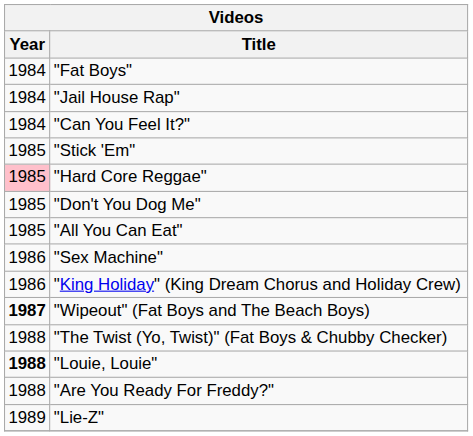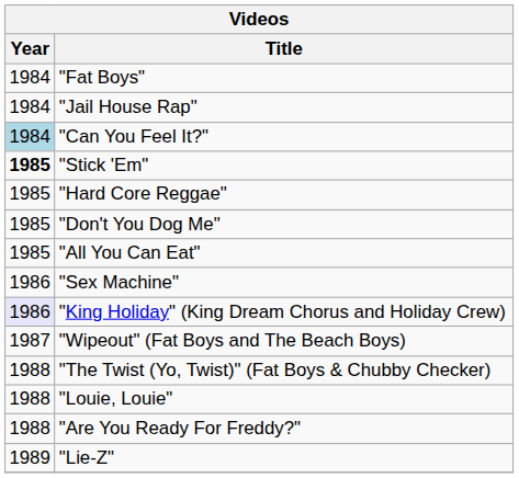 <table class="wikitable mw-datatable sortable collapsible collapsed" style="font-size:100%; width:50%;">
 <tr>
 <th colspan="4">Videos</th>
 </tr>
 <tr>
 <th>Year</th>
 <th>Title</th>
 </tr>
 <tr>
 <td>1984</td>
 <td>"Fat Boys"</td>
 </tr>
 <tr>
 <td>1984</td>
 <td>"Jail House Rap"</td>
 </tr>
 <tr>
-<td>1984</td>
+<td style="background: lightblue;">1984</td>
 <td>"Can You Feel It?"</td>
 </tr>
 <tr>
-<td>1985</td>
+<td><strong>1985</strong></td>
 <td>"Stick 'Em"</td>
 </tr>
 <tr>
-<td style="background: pink;">1985</td>
+<td>1985</td>
 <td>"Hard Core Reggae"</td>
 </tr>
 <tr>
 <td>1985</td>
 <td>"Don't You Dog Me"</td>
 </tr>
 <tr>
 <td>1985</td>
 <td>"All You Can Eat"</td>
 </tr>
 <tr>
 <td>1986</td>
 <td>"Sex Machine"</td>
 </tr>
 <tr>
-<td>1986</td>
+<td style="background: lavender;">1986</td>
 <td>"<a href='#'>King Holiday</a>" (King Dream Chorus and Holiday Crew)</td>
 </tr>
 <tr>
-<td><strong>1987</strong></td>
+<td>1987</td>
 <td>"Wipeout" (Fat Boys and The Beach Boys)</td>
 </tr>
 <tr>
 <td>1988</td>
 <td>"The Twist (Yo, Twist)" (Fat Boys & Chubby Checker)</td>
 </tr>
 <tr>
-<td><strong>1988</strong></td>
+<td>1988</td>
 <td>"Louie, Louie"</td>
 </tr>
 <tr>
 <td>1988</td>
 <td>"Are You Ready For Freddy?"</td>
 </tr>
 <tr>
 <td>1989</td>
 <td>"Lie-Z"</td>
 </tr>
 <tr>
 </tr>
 </table>
